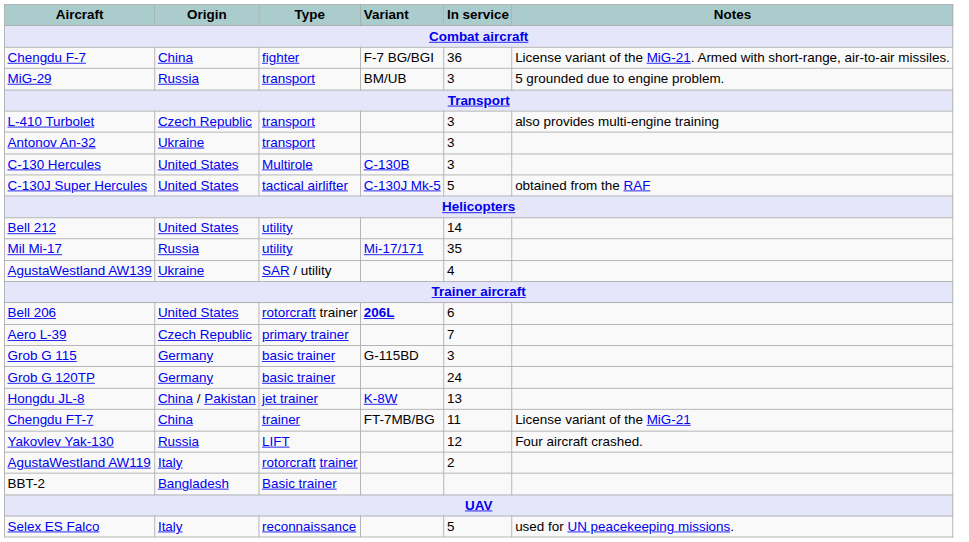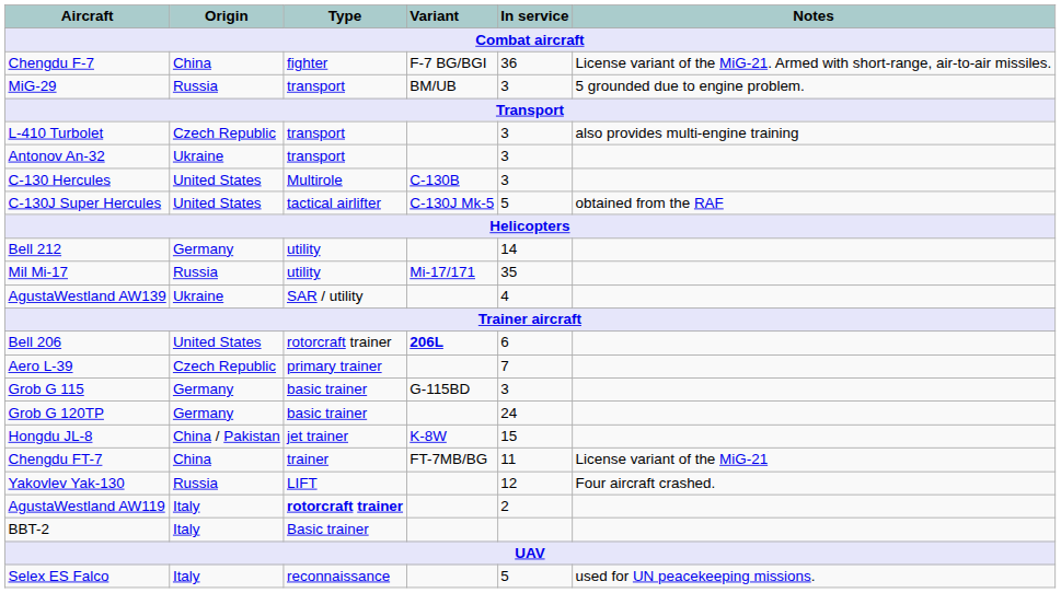 <table class="wikitable">
 <tr>
 <th style="text-align:center; background:#acc;">Aircraft</th>
 <th style="text-align: center; background:#acc;">Origin</th>
 <th style="text-align:l center; background:#acc;">Type</th>
 <th style="text-align:left; background:#acc;">Variant</th>
 <th style="text-align:center; background:#acc;">In service</th>
 <th style="text-align: center; background:#acc;">Notes</th>
 </tr>
 <tr>
 <th colspan="6" style="align: center; background: lavender;"><a href='#'>Combat aircraft</a></th>
 </tr>
 <tr>
 <td><a href='#'>Chengdu F-7</a></td>
 <td><a href='#'>China</a></td>
 <td><a href='#'>fighter</a></td>
 <td>F-7 BG/BGI</td>
 <td>36</td>
 <td>License variant of the <a href='#'>MiG-21</a>. Armed with short-range, air-to-air missiles.</td>
 </tr>
 <tr>
 <td><a href='#'>MiG-29</a></td>
 <td><a href='#'>Russia</a></td>
 <td><a href='#'>transport</a></td>
 <td>BM/UB</td>
 <td>3</td>
 <td>5 grounded due to engine problem.</td>
 </tr>
 <tr>
 <th colspan="6" style="align: center; background: lavender;"><a href='#'>Transport</a></th>
 </tr>
 <tr>
 <td><a href='#'>L-410 Turbolet</a></td>
 <td><a href='#'>Czech Republic</a></td>
 <td><a href='#'>transport</a></td>
 <td></td>
 <td>3</td>
 <td>also provides multi-engine training</td>
 </tr>
 <tr>
 <td><a href='#'>Antonov An-32</a></td>
 <td><a href='#'>Ukraine</a></td>
 <td><a href='#'>transport</a></td>
 <td></td>
 <td>3</td>
 <td></td>
 </tr>
 <tr>
 <td><a href='#'>C-130 Hercules</a></td>
 <td><a href='#'>United States</a></td>
 <td><a href='#'>Multirole</a></td>
 <td><a href='#'>C-130B</a></td>
 <td>3</td>
 <td></td>
 </tr>
 <tr>
 <td><a href='#'>C-130J Super Hercules</a></td>
 <td><a href='#'>United States</a></td>
 <td><a href='#'>tactical airlifter</a></td>
 <td><a href='#'>C-130J Mk-5</a></td>
 <td>5</td>
 <td>obtained from the <a href='#'>RAF</a></td>
 </tr>
 <tr>
 <th colspan="6" style="align: center; background: lavender;"><a href='#'>Helicopters</a></th>
 </tr>
 <tr>
 <td><a href='#'>Bell 212</a></td>
-<td><a href='#'>United States</a></td>
+<td><a href='#'>Germany</a></td>
 <td><a href='#'>utility</a></td>
 <td></td>
 <td>14</td>
 <td></td>
 </tr>
 <tr>
 <td><a href='#'>Mil Mi-17</a></td>
 <td><a href='#'>Russia</a></td>
 <td><a href='#'>utility</a></td>
 <td><a href='#'>Mi-17/171</a></td>
 <td>35</td>
 <td></td>
 </tr>
 <tr>
 <td><a href='#'>AgustaWestland AW139</a></td>
 <td><a href='#'>Ukraine</a></td>
 <td><a href='#'>SAR</a> / utility</td>
 <td></td>
 <td>4</td>
 <td></td>
 </tr>
 <tr>
 <th colspan="6" style="align: center; background: lavender;"><a href='#'>Trainer aircraft</a></th>
 </tr>
 <tr>
 <td><a href='#'>Bell 206</a></td>
 <td><a href='#'>United States</a></td>
 <td><a href='#'>rotorcraft</a> trainer</td>
 <td><strong><a href='#'>206L</a></strong></td>
 <td>6</td>
 <td></td>
 </tr>
 <tr>
 <td><a href='#'>Aero L-39</a></td>
 <td><a href='#'>Czech Republic</a></td>
 <td><a href='#'>primary trainer</a></td>
 <td></td>
 <td>7</td>
 <td></td>
 </tr>
 <tr>
 <td><a href='#'>Grob G 115</a></td>
 <td><a href='#'>Germany</a></td>
 <td><a href='#'>basic trainer</a></td>
 <td>G-115BD</td>
 <td>3</td>
 <td></td>
 </tr>
 <tr>
 <td><a href='#'>Grob G 120TP</a></td>
 <td><a href='#'>Germany</a></td>
 <td><a href='#'>basic trainer</a></td>
 <td></td>
 <td>24</td>
 <td></td>
 </tr>
 <tr>
 <td><a href='#'>Hongdu JL-8</a></td>
 <td><a href='#'>China</a> / <a href='#'>Pakistan</a></td>
 <td><a href='#'>jet trainer</a></td>
 <td><a href='#'>K-8W</a></td>
-<td>13</td>
+<td>15</td>
 <td></td>
 </tr>
 <tr>
 <td><a href='#'>Chengdu FT-7</a></td>
 <td><a href='#'>China</a></td>
 <td><a href='#'>trainer</a></td>
 <td>FT-7MB/BG</td>
 <td>11</td>
 <td>License variant of the <a href='#'>MiG-21</a></td>
 </tr>
 <tr>
 <td><a href='#'>Yakovlev Yak-130</a></td>
 <td><a href='#'>Russia</a></td>
 <td><a href='#'>LIFT</a></td>
 <td></td>
 <td>12</td>
 <td>Four aircraft crashed.</td>
 </tr>
 <tr>
 <td><a href='#'>AgustaWestland AW119</a></td>
 <td><a href='#'>Italy</a></td>
-<td><a href='#'>rotorcraft</a> <a href='#'>trainer</a></td>
+<td><strong><a href='#'>rotorcraft</a> <a href='#'>trainer</a></strong></td>
 <td></td>
 <td>2</td>
 <td></td>
 </tr>
 <tr>
 <td>BBT-2</td>
-<td><a href='#'>Bangladesh</a></td>
+<td><a href='#'>Italy</a></td>
 <td><a href='#'>Basic trainer</a></td>
 <td></td>
 <td></td>
 <td></td>
 </tr>
 <tr>
 <th colspan="6" style="align: center; background: lavender;"><a href='#'>UAV</a></th>
 </tr>
 <tr>
 <td><a href='#'>Selex ES Falco</a></td>
 <td><a href='#'>Italy</a></td>
 <td><a href='#'>reconnaissance</a></td>
 <td></td>
 <td>5</td>
 <td>used for <a href='#'>UN peacekeeping missions</a>.</td>
 </tr>
 </table>
